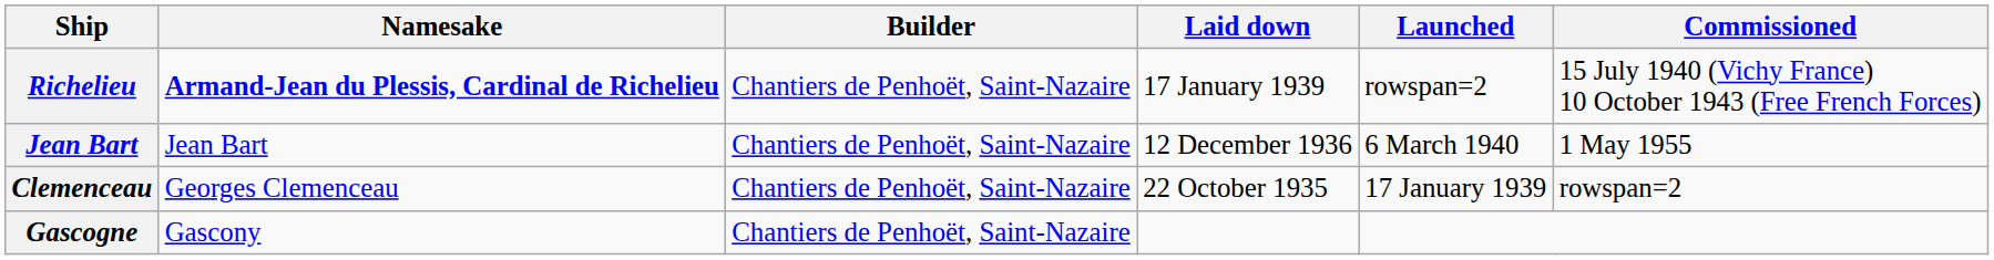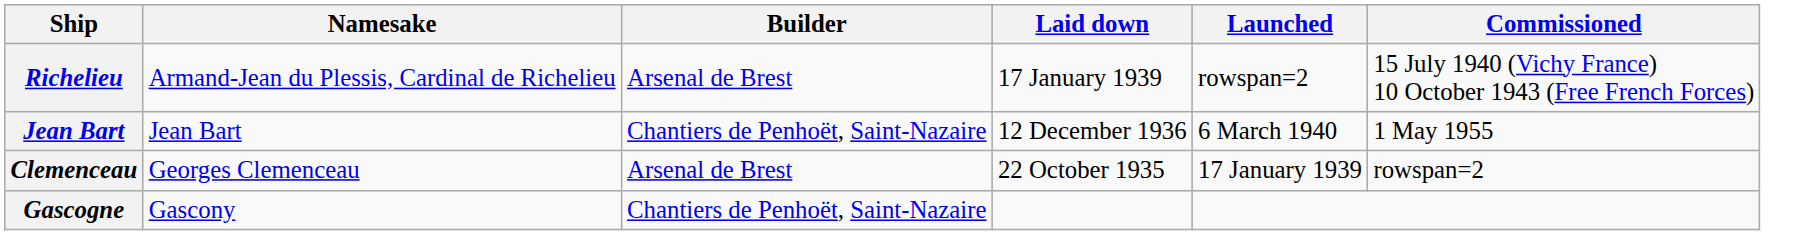 <table class="wikitable plainrowheaders">
 <tr>
 <th scope="col">Ship</th>
 <th scope="col">Namesake</th>
 <th scope="col">Builder</th>
 <th scope="col"><a href='#'>Laid down</a></th>
 <th scope="col"><a href='#'>Launched</a></th>
 <th scope="col"><a href='#'>Commissioned</a></th>
 </tr>
 <tr>
 <th scope="row"><a href='#'><em>Richelieu</em></a></th>
-<td><strong><a href='#'>Armand-Jean du Plessis, Cardinal de Richelieu</a></strong></td>
-<td><a href='#'>Chantiers de Penhoët</a>, <a href='#'>Saint-Nazaire</a></td>
+<td><a href='#'>Armand-Jean du Plessis, Cardinal de Richelieu</a></td>
+<td><a href='#'>Arsenal de Brest</a></td>
 <td>17 January 1939</td>
 <td>rowspan=2 </td>
 <td>15 July 1940 (<a href='#'>Vichy France</a>)<br>10 October 1943 (<a href='#'>Free French Forces</a>)</td>
 </tr>
 <tr>
 <th scope="row"><a href='#'><em>Jean Bart</em></a></th>
 <td><a href='#'>Jean Bart</a></td>
 <td><a href='#'>Chantiers de Penhoët</a>, <a href='#'>Saint-Nazaire</a></td>
 <td>12 December 1936</td>
 <td>6 March 1940</td>
 <td>1 May 1955</td>
 </tr>
 <tr>
 <th scope="row"><em>Clemenceau</em></th>
 <td><a href='#'>Georges Clemenceau</a></td>
-<td><a href='#'>Chantiers de Penhoët</a>, <a href='#'>Saint-Nazaire</a></td>
+<td><a href='#'>Arsenal de Brest</a></td>
 <td>22 October 1935</td>
 <td>17 January 1939</td>
 <td>rowspan=2 </td>
 </tr>
 <tr>
 <th scope="row"><em>Gascogne</em></th>
 <td><a href='#'>Gascony</a></td>
 <td><a href='#'>Chantiers de Penhoët</a>, <a href='#'>Saint-Nazaire</a></td>
 <td></td>
 </tr>
 </table>
